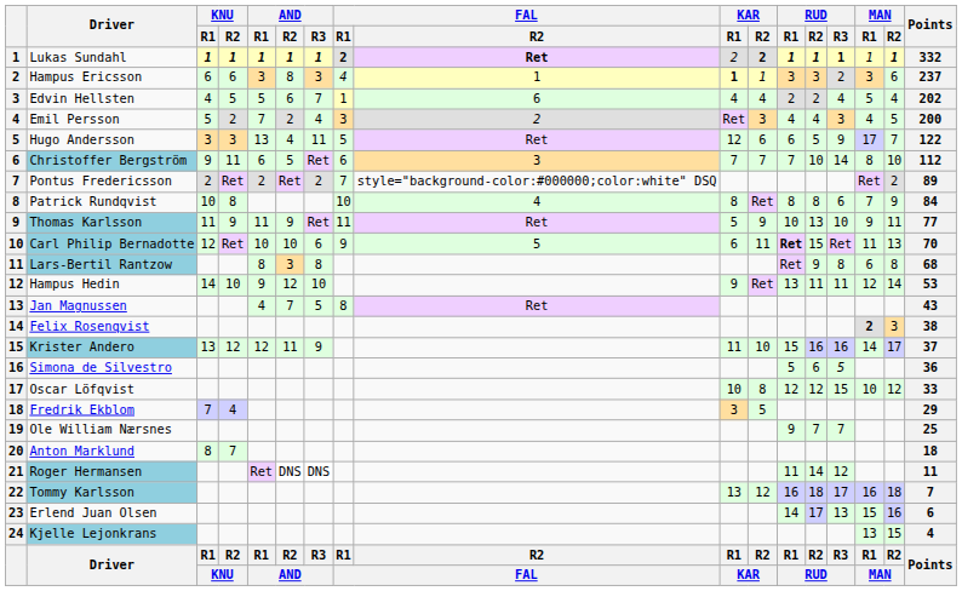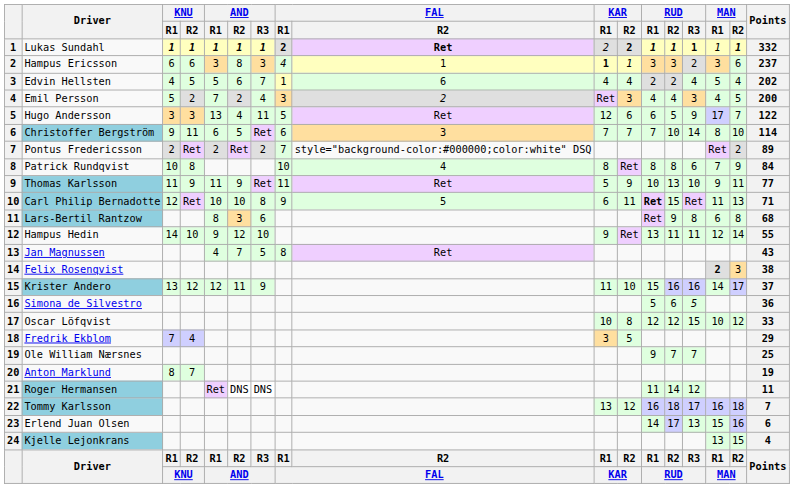 <table class="wikitable" style="font-size: 85%; text-align:center;">
 <tr>
 <th rowspan="2"></th>
 <th rowspan="2">Driver</th>
 <th colspan="2"><a href='#'>KNU</a><br></th>
 <th colspan="3"><a href='#'>AND</a><br></th>
 <th colspan="2"><a href='#'>FAL</a><br></th>
 <th colspan="2"><a href='#'>KAR</a><br></th>
 <th colspan="3"><a href='#'>RUD</a><br></th>
 <th colspan="2"><a href='#'>MAN</a><br></th>
 <th rowspan="2">Points</th>
 </tr>
 <tr>
 <th>R1</th>
 <th>R2</th>
 <th>R1</th>
 <th>R2</th>
 <th>R3</th>
 <th>R1</th>
 <th>R2</th>
 <th>R1</th>
 <th>R2</th>
 <th>R1</th>
 <th>R2</th>
 <th>R3</th>
 <th>R1</th>
 <th>R2</th>
 </tr>
 <tr>
 <th>1</th>
 <td align="left"> Lukas Sundahl</td>
 <td style="background:#ffffbf;"><strong><em>1</em></strong></td>
 <td style="background:#ffffbf;"><strong><em>1</em></strong></td>
 <td style="background:#ffffbf;"><strong><em>1</em></strong></td>
 <td style="background:#ffffbf;"><strong><em>1</em></strong></td>
 <td style="background:#ffffbf;"><strong><em>1</em></strong></td>
 <td style="background:#dfdfdf;"><strong>2</strong></td>
 <td style="background:#efcfff;"><strong>Ret</strong></td>
 <td style="background:#dfdfdf;"><em>2</em></td>
 <td style="background:#dfdfdf;"><strong>2</strong></td>
 <td style="background:#ffffbf;"><strong><em>1</em></strong></td>
 <td style="background:#ffffbf;"><strong><em>1</em></strong></td>
 <td style="background:#ffffbf;"><strong>1</strong></td>
 <td style="background:#ffffbf;"><em>1</em></td>
 <td style="background:#ffffbf;"><strong><em>1</em></strong></td>
 <th>332</th>
 </tr>
 <tr>
 <th>2</th>
 <td align="left"> Hampus Ericsson</td>
 <td style="background:#dfffdf;">6</td>
 <td style="background:#dfffdf;">6</td>
 <td style="background:#ffdf9f;">3</td>
 <td style="background:#dfffdf;">8</td>
 <td style="background:#ffdf9f;">3</td>
 <td style="background:#dfffdf;"><em>4</em></td>
 <td style="background:#ffffbf;">1</td>
 <td style="background:#ffffbf;"><strong>1</strong></td>
 <td style="background:#ffffbf;"><em>1</em></td>
 <td style="background:#ffdf9f;">3</td>
 <td style="background:#ffdf9f;">3</td>
 <td style="background:#dfdfdf;">2</td>
 <td style="background:#ffdf9f;">3</td>
 <td style="background:#dfffdf;">6</td>
 <th>237</th>
 </tr>
 <tr>
 <th>3</th>
 <td align="left"> Edvin Hellsten</td>
 <td style="background:#dfffdf;">4</td>
 <td style="background:#dfffdf;">5</td>
 <td style="background:#dfffdf;">5</td>
 <td style="background:#dfffdf;">6</td>
 <td style="background:#dfffdf;">7</td>
 <td style="background:#ffffbf;">1</td>
 <td style="background:#dfffdf;">6</td>
 <td style="background:#dfffdf;">4</td>
 <td style="background:#dfffdf;">4</td>
 <td style="background:#dfdfdf;">2</td>
 <td style="background:#dfdfdf;">2</td>
 <td style="background:#dfffdf;">4</td>
 <td style="background:#dfffdf;">5</td>
 <td style="background:#dfffdf;">4</td>
 <th>202</th>
 </tr>
 <tr>
 <th>4</th>
 <td align="left"> Emil Persson</td>
 <td style="background:#dfffdf;">5</td>
 <td style="background:#dfdfdf;">2</td>
 <td style="background:#dfffdf;">7</td>
 <td style="background:#dfdfdf;">2</td>
 <td style="background:#dfffdf;">4</td>
 <td style="background:#ffdf9f;">3</td>
 <td style="background:#dfdfdf;"><em>2</em></td>
 <td style="background:#efcfff;">Ret</td>
 <td style="background:#ffdf9f;">3</td>
 <td style="background:#dfffdf;">4</td>
 <td style="background:#dfffdf;">4</td>
 <td style="background:#ffdf9f;">3</td>
 <td style="background:#dfffdf;">4</td>
 <td style="background:#dfffdf;">5</td>
 <th>200</th>
 </tr>
 <tr>
 <th>5</th>
 <td align="left"> Hugo Andersson</td>
 <td style="background:#ffdf9f;">3</td>
 <td style="background:#ffdf9f;">3</td>
 <td style="background:#dfffdf;">13</td>
 <td style="background:#dfffdf;">4</td>
 <td style="background:#dfffdf;">11</td>
 <td style="background:#dfffdf;">5</td>
 <td style="background:#efcfff;">Ret</td>
 <td style="background:#dfffdf;">12</td>
 <td style="background:#dfffdf;">6</td>
 <td style="background:#dfffdf;">6</td>
 <td style="background:#dfffdf;">5</td>
 <td style="background:#dfffdf;">9</td>
 <td style="background:#cfcfff;">17</td>
 <td style="background:#dfffdf;">7</td>
 <th>122</th>
 </tr>
 <tr>
 <th>6</th>
 <td align="left" style="background:#8FCFDF;"> Christoffer Bergström</td>
 <td style="background:#dfffdf;">9</td>
 <td style="background:#dfffdf;">11</td>
 <td style="background:#dfffdf;">6</td>
 <td style="background:#dfffdf;">5</td>
 <td style="background:#efcfff;">Ret</td>
 <td style="background:#dfffdf;">6</td>
 <td style="background:#ffdf9f;">3</td>
 <td style="background:#dfffdf;">7</td>
 <td style="background:#dfffdf;">7</td>
 <td style="background:#dfffdf;">7</td>
 <td style="background:#dfffdf;">10</td>
 <td style="background:#dfffdf;">14</td>
 <td style="background:#dfffdf;">8</td>
 <td style="background:#dfffdf;">10</td>
-<th>112</th>
+<th>114</th>
 </tr>
 <tr>
 <th>7</th>
 <td align="left"> Pontus Fredericsson</td>
 <td style="background:#dfdfdf;">2</td>
 <td style="background:#efcfff;">Ret</td>
 <td style="background:#dfdfdf;">2</td>
 <td style="background:#efcfff;">Ret</td>
 <td style="background:#dfdfdf;">2</td>
 <td style="background:#dfffdf;">7</td>
 <td>style="background-color:#000000;color:white" DSQ</td>
 <td></td>
 <td></td>
 <td></td>
 <td></td>
 <td></td>
 <td style="background:#efcfff;">Ret</td>
 <td style="background:#dfdfdf;">2</td>
 <th>89</th>
 </tr>
 <tr>
 <th>8</th>
 <td align="left"> Patrick Rundqvist</td>
 <td style="background:#dfffdf;">10</td>
 <td style="background:#dfffdf;">8</td>
 <td></td>
 <td></td>
 <td></td>
 <td style="background:#dfffdf;">10</td>
 <td style="background:#dfffdf;">4</td>
 <td style="background:#dfffdf;">8</td>
 <td style="background:#efcfff;">Ret</td>
 <td style="background:#dfffdf;">8</td>
 <td style="background:#dfffdf;">8</td>
 <td style="background:#dfffdf;">6</td>
 <td style="background:#dfffdf;">7</td>
 <td style="background:#dfffdf;">9</td>
 <th>84</th>
 </tr>
 <tr>
 <th>9</th>
 <td align="left" style="background:#8FCFDF;"> Thomas Karlsson</td>
 <td style="background:#dfffdf;">11</td>
 <td style="background:#dfffdf;">9</td>
 <td style="background:#dfffdf;">11</td>
 <td style="background:#dfffdf;">9</td>
 <td style="background:#efcfff;">Ret</td>
 <td style="background:#dfffdf;">11</td>
 <td style="background:#efcfff;">Ret</td>
 <td style="background:#dfffdf;">5</td>
 <td style="background:#dfffdf;">9</td>
 <td style="background:#dfffdf;">10</td>
 <td style="background:#dfffdf;">13</td>
 <td style="background:#dfffdf;">10</td>
 <td style="background:#dfffdf;">9</td>
 <td style="background:#dfffdf;">11</td>
 <th>77</th>
 </tr>
 <tr>
 <th>10</th>
 <td align="left" style="background:#8FCFDF;"> Carl Philip Bernadotte</td>
 <td style="background:#dfffdf;">12</td>
 <td style="background:#efcfff;">Ret</td>
 <td style="background:#dfffdf;">10</td>
 <td style="background:#dfffdf;">10</td>
-<td style="background:#dfffdf;">6</td>
+<td style="background:#dfffdf;">8</td>
 <td style="background:#dfffdf;">9</td>
 <td style="background:#dfffdf;">5</td>
 <td style="background:#dfffdf;">6</td>
 <td style="background:#dfffdf;">11</td>
 <td style="background:#efcfff;"><strong>Ret</strong></td>
 <td style="background:#dfffdf;">15</td>
 <td style="background:#efcfff;">Ret</td>
 <td style="background:#dfffdf;">11</td>
 <td style="background:#dfffdf;">13</td>
-<th>70</th>
+<th>71</th>
 </tr>
 <tr>
 <th>11</th>
 <td align="left" style="background:#8FCFDF;"> Lars-Bertil Rantzow</td>
 <td></td>
 <td></td>
 <td style="background:#dfffdf;">8</td>
 <td style="background:#ffdf9f;">3</td>
-<td style="background:#dfffdf;">8</td>
+<td style="background:#dfffdf;">6</td>
 <td></td>
 <td></td>
 <td></td>
 <td></td>
 <td style="background:#efcfff;">Ret</td>
 <td style="background:#dfffdf;">9</td>
 <td style="background:#dfffdf;">8</td>
 <td style="background:#dfffdf;">6</td>
 <td style="background:#dfffdf;">8</td>
 <th>68</th>
 </tr>
 <tr>
 <th>12</th>
 <td align="left"> Hampus Hedin</td>
 <td style="background:#dfffdf;">14</td>
 <td style="background:#dfffdf;">10</td>
 <td style="background:#dfffdf;">9</td>
 <td style="background:#dfffdf;">12</td>
 <td style="background:#dfffdf;">10</td>
 <td></td>
 <td></td>
 <td style="background:#dfffdf;">9</td>
 <td style="background:#efcfff;">Ret</td>
 <td style="background:#dfffdf;">13</td>
 <td style="background:#dfffdf;">11</td>
 <td style="background:#dfffdf;">11</td>
 <td style="background:#dfffdf;">12</td>
 <td style="background:#dfffdf;">14</td>
-<th>53</th>
+<th>55</th>
 </tr>
 <tr>
 <th>13</th>
 <td align="left"> <a href='#'>Jan Magnussen</a></td>
 <td></td>
 <td></td>
 <td style="background:#dfffdf;">4</td>
 <td style="background:#dfffdf;">7</td>
 <td style="background:#dfffdf;">5</td>
 <td style="background:#dfffdf;">8</td>
 <td style="background:#efcfff;">Ret</td>
 <td></td>
 <td></td>
 <td></td>
 <td></td>
 <td></td>
 <td></td>
 <td></td>
 <th>43</th>
 </tr>
 <tr>
 <th>14</th>
 <td align="left"> <a href='#'>Felix Rosenqvist</a></td>
 <td></td>
 <td></td>
 <td></td>
 <td></td>
 <td></td>
 <td></td>
 <td></td>
 <td></td>
 <td></td>
 <td></td>
 <td></td>
 <td></td>
 <td style="background:#dfdfdf;"><strong>2</strong></td>
 <td style="background:#ffdf9f;">3</td>
 <th>38</th>
 </tr>
 <tr>
 <th>15</th>
 <td align="left" style="background:#8FCFDF;"> Krister Andero</td>
 <td style="background:#dfffdf;">13</td>
 <td style="background:#dfffdf;">12</td>
 <td style="background:#dfffdf;">12</td>
 <td style="background:#dfffdf;">11</td>
 <td style="background:#dfffdf;">9</td>
 <td></td>
 <td></td>
 <td style="background:#dfffdf;">11</td>
 <td style="background:#dfffdf;">10</td>
 <td style="background:#dfffdf;">15</td>
 <td style="background:#cfcfff;">16</td>
 <td style="background:#cfcfff;">16</td>
 <td style="background:#dfffdf;">14</td>
 <td style="background:#cfcfff;">17</td>
 <th>37</th>
 </tr>
 <tr>
 <th>16</th>
 <td align="left"> <a href='#'>Simona de Silvestro</a></td>
 <td></td>
 <td></td>
 <td></td>
 <td></td>
 <td></td>
 <td></td>
 <td></td>
 <td></td>
 <td></td>
 <td style="background:#dfffdf;">5</td>
 <td style="background:#dfffdf;">6</td>
 <td style="background:#dfffdf;"><em>5</em></td>
 <td></td>
 <td></td>
 <th>36</th>
 </tr>
 <tr>
 <th>17</th>
 <td align="left"> Oscar Löfqvist</td>
 <td></td>
 <td></td>
 <td></td>
 <td></td>
 <td></td>
 <td></td>
 <td></td>
 <td style="background:#dfffdf;">10</td>
 <td style="background:#dfffdf;">8</td>
 <td style="background:#dfffdf;">12</td>
 <td style="background:#dfffdf;">12</td>
 <td style="background:#dfffdf;">15</td>
 <td style="background:#dfffdf;">10</td>
 <td style="background:#dfffdf;">12</td>
 <th>33</th>
 </tr>
 <tr>
 <th>18</th>
 <td align="left"> <a href='#'>Fredrik Ekblom</a></td>
 <td style="background:#cfcfff;">7</td>
 <td style="background:#cfcfff;">4</td>
 <td></td>
 <td></td>
 <td></td>
 <td></td>
 <td></td>
 <td style="background:#ffdf9f;">3</td>
 <td style="background:#dfffdf;">5</td>
 <td></td>
 <td></td>
 <td></td>
 <td></td>
 <td></td>
 <th>29</th>
 </tr>
 <tr>
 <th>19</th>
 <td align="left"> Ole William Nærsnes</td>
 <td></td>
 <td></td>
 <td></td>
 <td></td>
 <td></td>
 <td></td>
 <td></td>
 <td></td>
 <td></td>
 <td style="background:#dfffdf;">9</td>
 <td style="background:#dfffdf;">7</td>
 <td style="background:#dfffdf;">7</td>
 <td></td>
 <td></td>
 <th>25</th>
 </tr>
 <tr>
 <th>20</th>
 <td align="left"> <a href='#'>Anton Marklund</a></td>
 <td style="background:#dfffdf;">8</td>
 <td style="background:#dfffdf;">7</td>
 <td></td>
 <td></td>
 <td></td>
 <td></td>
 <td></td>
 <td></td>
 <td></td>
 <td></td>
 <td></td>
 <td></td>
 <td></td>
 <td></td>
-<th>18</th>
+<th>19</th>
 </tr>
 <tr>
 <th>21</th>
 <td align="left" style="background:#8FCFDF;"> Roger Hermansen</td>
 <td></td>
 <td></td>
 <td style="background:#efcfff;">Ret</td>
 <td style="background:#ffffff;">DNS</td>
 <td style="background:#ffffff;">DNS</td>
 <td></td>
 <td></td>
 <td></td>
 <td></td>
 <td style="background:#dfffdf;">11</td>
 <td style="background:#dfffdf;">14</td>
 <td style="background:#dfffdf;">12</td>
 <td></td>
 <td></td>
 <th>11</th>
 </tr>
 <tr>
 <th>22</th>
 <td align="left" style="background:#8FCFDF;"> Tommy Karlsson</td>
 <td></td>
 <td></td>
 <td></td>
 <td></td>
 <td></td>
 <td></td>
 <td></td>
 <td style="background:#dfffdf;">13</td>
 <td style="background:#dfffdf;">12</td>
 <td style="background:#cfcfff;">16</td>
 <td style="background:#cfcfff;">18</td>
 <td style="background:#cfcfff;">17</td>
 <td style="background:#cfcfff;">16</td>
 <td style="background:#cfcfff;">18</td>
 <th>7</th>
 </tr>
 <tr>
 <th>23</th>
 <td align="left"> Erlend Juan Olsen</td>
 <td></td>
 <td></td>
 <td></td>
 <td></td>
 <td></td>
 <td></td>
 <td></td>
 <td></td>
 <td></td>
 <td style="background:#dfffdf;">14</td>
 <td style="background:#cfcfff;">17</td>
 <td style="background:#dfffdf;">13</td>
 <td style="background:#dfffdf;">15</td>
 <td style="background:#cfcfff;">16</td>
 <th>6</th>
 </tr>
 <tr>
 <th>24</th>
 <td align="left" style="background:#8FCFDF;"> Kjelle Lejonkrans</td>
 <td></td>
 <td></td>
 <td></td>
 <td></td>
 <td></td>
 <td></td>
 <td></td>
 <td></td>
 <td></td>
 <td></td>
 <td></td>
 <td></td>
 <td style="background:#dfffdf;">13</td>
 <td style="background:#dfffdf;">15</td>
 <th>4</th>
 </tr>
 <tr>
 <th rowspan="2"></th>
 <th rowspan="2">Driver</th>
 <th>R1</th>
 <th>R2</th>
 <th>R1</th>
 <th>R2</th>
 <th>R3</th>
 <th>R1</th>
 <th>R2</th>
 <th>R1</th>
 <th>R2</th>
 <th>R1</th>
 <th>R2</th>
 <th>R3</th>
 <th>R1</th>
 <th>R2</th>
 <th rowspan="2">Points</th>
 </tr>
 <tr>
 <th colspan="2"><a href='#'>KNU</a><br></th>
 <th colspan="3"><a href='#'>AND</a><br></th>
 <th colspan="2"><a href='#'>FAL</a><br></th>
 <th colspan="2"><a href='#'>KAR</a><br></th>
 <th colspan="3"><a href='#'>RUD</a><br></th>
 <th colspan="2"><a href='#'>MAN</a><br></th>
 </tr>
 </table>
